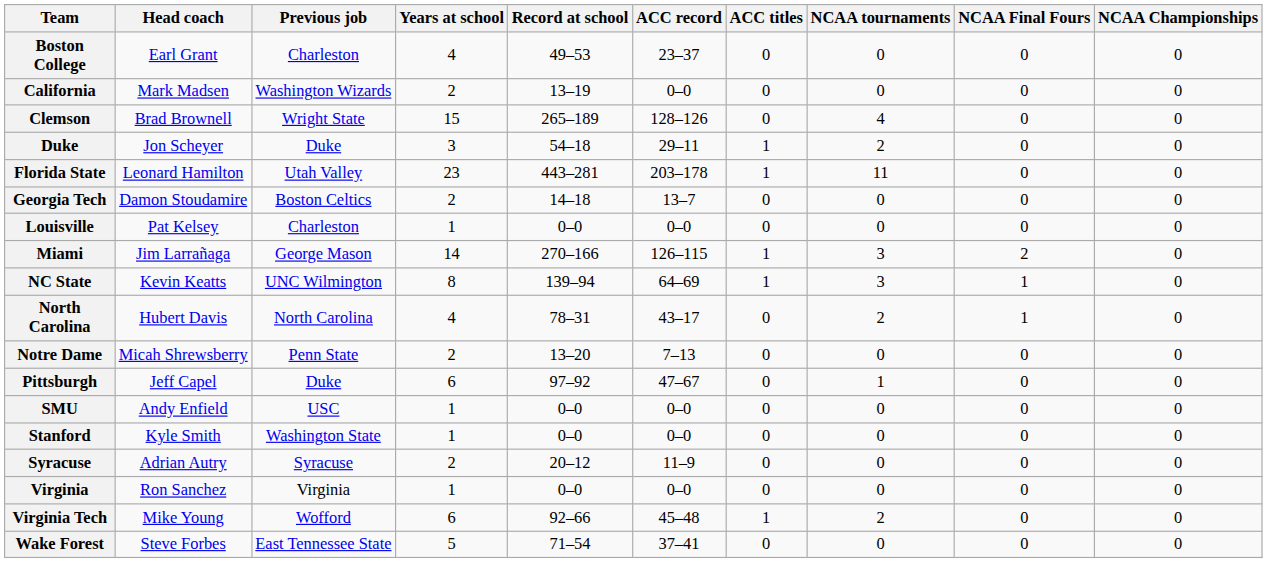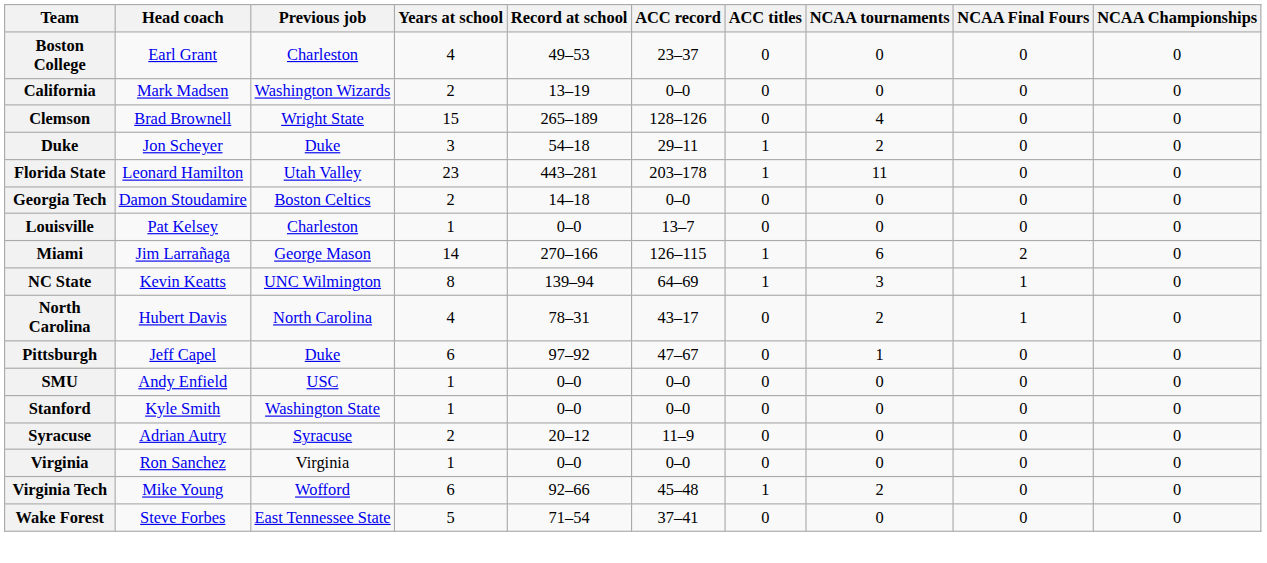 <table class="wikitable sortable" style="text-align: center;font-size:90%;">
 <tr>
 <th width="90">Team</th>
 <th>Head coach</th>
 <th>Previous job</th>
 <th>Years at school</th>
 <th>Record at school</th>
 <th>ACC record</th>
 <th>ACC titles</th>
 <th>NCAA tournaments</th>
 <th>NCAA Final Fours</th>
 <th>NCAA Championships</th>
 </tr>
 <tr>
 <th>Boston College</th>
 <td><a href='#'>Earl Grant</a></td>
 <td><a href='#'>Charleston</a></td>
 <td>4</td>
 <td>49–53</td>
 <td>23–37</td>
 <td>0</td>
 <td>0</td>
 <td>0</td>
 <td>0</td>
 </tr>
 <tr>
 <th>California</th>
 <td><a href='#'>Mark Madsen</a></td>
 <td><a href='#'>Washington Wizards</a></td>
 <td>2</td>
 <td>13–19</td>
 <td>0–0</td>
 <td>0</td>
 <td>0</td>
 <td>0</td>
 <td>0</td>
 </tr>
 <tr>
 <th>Clemson</th>
 <td><a href='#'>Brad Brownell</a></td>
 <td><a href='#'>Wright State</a></td>
 <td>15</td>
 <td>265–189</td>
 <td>128–126</td>
 <td>0</td>
 <td>4</td>
 <td>0</td>
 <td>0</td>
 </tr>
 <tr>
 <th>Duke</th>
 <td><a href='#'>Jon Scheyer</a></td>
 <td><a href='#'>Duke</a> </td>
 <td>3</td>
 <td>54–18</td>
 <td>29–11</td>
 <td>1</td>
 <td>2</td>
 <td>0</td>
 <td>0</td>
 </tr>
 <tr>
 <th>Florida State</th>
 <td><a href='#'>Leonard Hamilton</a></td>
 <td><a href='#'>Utah Valley</a></td>
 <td>23</td>
 <td>443–281</td>
 <td>203–178</td>
 <td>1</td>
 <td>11</td>
 <td>0</td>
 <td>0</td>
 </tr>
 <tr>
 <th>Georgia Tech</th>
 <td><a href='#'>Damon Stoudamire</a></td>
 <td><a href='#'>Boston Celtics</a> </td>
 <td>2</td>
 <td>14–18</td>
-<td>13–7</td>
+<td>0–0</td>
 <td>0</td>
 <td>0</td>
 <td>0</td>
 <td>0</td>
 </tr>
 <tr>
 <th>Louisville</th>
 <td><a href='#'>Pat Kelsey</a></td>
 <td><a href='#'>Charleston</a></td>
 <td>1</td>
 <td>0–0</td>
-<td>0–0</td>
+<td>13–7</td>
 <td>0</td>
 <td>0</td>
 <td>0</td>
 <td>0</td>
 </tr>
 <tr>
 <th>Miami</th>
 <td><a href='#'>Jim Larrañaga</a></td>
 <td><a href='#'>George Mason</a></td>
 <td>14</td>
 <td>270–166</td>
 <td>126–115</td>
 <td>1</td>
-<td>3</td>
+<td>6</td>
 <td>2</td>
 <td>0</td>
 </tr>
 <tr>
 <th>NC State</th>
 <td><a href='#'>Kevin Keatts</a></td>
 <td><a href='#'>UNC Wilmington</a></td>
 <td>8</td>
 <td>139–94</td>
 <td>64–69</td>
 <td>1</td>
 <td>3</td>
 <td>1</td>
 <td>0</td>
 </tr>
 <tr>
 <th>North Carolina</th>
 <td><a href='#'>Hubert Davis</a></td>
 <td><a href='#'>North Carolina</a> </td>
 <td>4</td>
 <td>78–31</td>
 <td>43–17</td>
 <td>0</td>
 <td>2</td>
 <td>1</td>
-<td>0</td>
-</tr>
-<tr>
-<th>Notre Dame</th>
-<td><a href='#'>Micah Shrewsberry</a></td>
-<td><a href='#'>Penn State</a></td>
-<td>2</td>
-<td>13–20</td>
-<td>7–13</td>
-<td>0</td>
-<td>0</td>
-<td>0</td>
 <td>0</td>
 </tr>
 <tr>
 <th>Pittsburgh</th>
 <td><a href='#'>Jeff Capel</a></td>
 <td><a href='#'>Duke</a> </td>
 <td>6</td>
 <td>97–92</td>
 <td>47–67</td>
 <td>0</td>
 <td>1</td>
 <td>0</td>
 <td>0</td>
 </tr>
 <tr>
 <th>SMU</th>
 <td><a href='#'>Andy Enfield</a></td>
 <td><a href='#'>USC</a></td>
 <td>1</td>
 <td>0–0</td>
 <td>0–0</td>
 <td>0</td>
 <td>0</td>
 <td>0</td>
 <td>0</td>
 </tr>
 <tr>
 <th>Stanford</th>
 <td><a href='#'>Kyle Smith</a></td>
 <td><a href='#'>Washington State</a></td>
 <td>1</td>
 <td>0–0</td>
 <td>0–0</td>
 <td>0</td>
 <td>0</td>
 <td>0</td>
 <td>0</td>
 </tr>
 <tr>
 <th>Syracuse</th>
 <td><a href='#'>Adrian Autry</a></td>
 <td><a href='#'>Syracuse</a> </td>
 <td>2</td>
 <td>20–12</td>
 <td>11–9</td>
 <td>0</td>
 <td>0</td>
 <td>0</td>
 <td>0</td>
 </tr>
 <tr>
 <th>Virginia</th>
 <td><a href='#'>Ron Sanchez</a></td>
 <td>Virginia </td>
 <td>1</td>
 <td>0–0</td>
 <td>0–0</td>
 <td>0</td>
 <td>0</td>
 <td>0</td>
 <td>0</td>
 </tr>
 <tr>
 <th>Virginia Tech</th>
 <td><a href='#'>Mike Young</a></td>
 <td><a href='#'>Wofford</a></td>
 <td>6</td>
 <td>92–66</td>
 <td>45–48</td>
 <td>1</td>
 <td>2</td>
 <td>0</td>
 <td>0</td>
 </tr>
 <tr>
 <th>Wake Forest</th>
 <td><a href='#'>Steve Forbes</a></td>
 <td><a href='#'>East Tennessee State</a></td>
 <td>5</td>
 <td>71–54</td>
 <td>37–41</td>
 <td>0</td>
 <td>0</td>
 <td>0</td>
 <td>0</td>
 </tr>
 </table>
